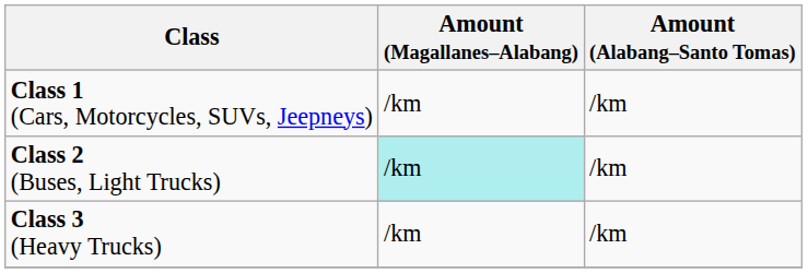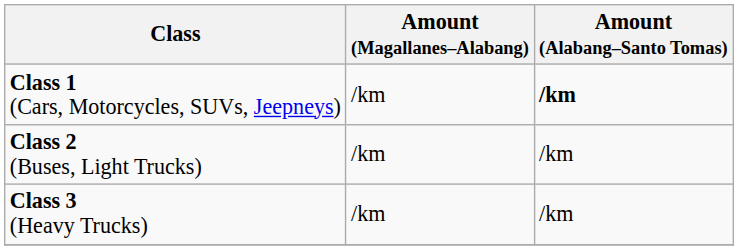 <table class="wikitable">
 <tr>
 <th>Class</th>
 <th>Amount<br><small>(Magallanes–Alabang)</small></th>
 <th>Amount<br><small>(Alabang–Santo Tomas)</small></th>
 </tr>
 <tr>
 <td><strong>Class 1</strong><br>(Cars, Motorcycles, SUVs, <a href='#'>Jeepneys</a>)</td>
 <td>/km</td>
-<td>/km</td>
+<td><strong>/km</strong></td>
 </tr>
 <tr>
 <td><strong>Class 2</strong><br>(Buses, Light Trucks)</td>
-<td style="background: paleturquoise;">/km</td>
+<td>/km</td>
 <td>/km</td>
 </tr>
 <tr>
 <td><strong>Class 3</strong><br>(Heavy Trucks)</td>
 <td>/km</td>
 <td>/km</td>
 </tr>
 <tr>
 </tr>
 </table>
